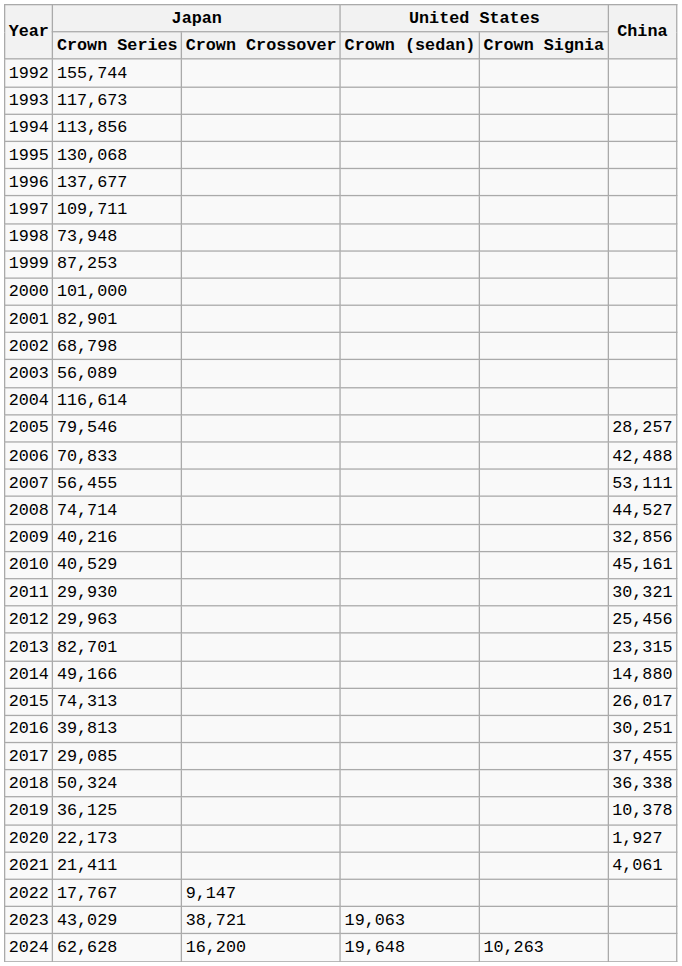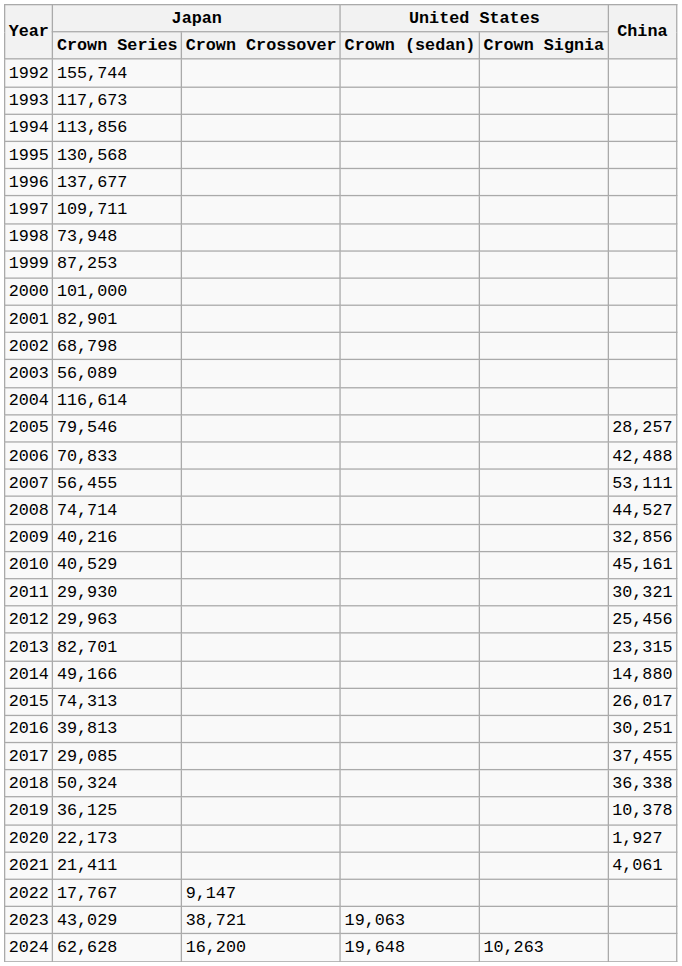 <table class="wikitable">
 <tr>
 <th rowspan="2">Year</th>
 <th colspan="2">Japan</th>
 <th colspan="2">United States</th>
 <th rowspan="2">China</th>
 </tr>
 <tr>
 <th>Crown Series</th>
 <th>Crown Crossover</th>
 <th>Crown (sedan)</th>
 <th>Crown Signia</th>
 </tr>
 <tr>
 <td>1992</td>
 <td>155,744</td>
 <td></td>
 <td></td>
 <td></td>
 <td></td>
 </tr>
 <tr>
 <td>1993</td>
 <td>117,673</td>
 <td></td>
 <td></td>
 <td></td>
 <td></td>
 </tr>
 <tr>
 <td>1994</td>
 <td>113,856</td>
 <td></td>
 <td></td>
 <td></td>
 <td></td>
 </tr>
 <tr>
 <td>1995</td>
-<td>130,068</td>
+<td>130,568</td>
 <td></td>
 <td></td>
 <td></td>
 <td></td>
 </tr>
 <tr>
 <td>1996</td>
 <td>137,677</td>
 <td></td>
 <td></td>
 <td></td>
 <td></td>
 </tr>
 <tr>
 <td>1997</td>
 <td>109,711</td>
 <td></td>
 <td></td>
 <td></td>
 <td></td>
 </tr>
 <tr>
 <td>1998</td>
 <td>73,948</td>
 <td></td>
 <td></td>
 <td></td>
 <td></td>
 </tr>
 <tr>
 <td>1999</td>
 <td>87,253</td>
 <td></td>
 <td></td>
 <td></td>
 <td></td>
 </tr>
 <tr>
 <td>2000</td>
 <td>101,000</td>
 <td></td>
 <td></td>
 <td></td>
 <td></td>
 </tr>
 <tr>
 <td>2001</td>
 <td>82,901</td>
 <td></td>
 <td></td>
 <td></td>
 <td></td>
 </tr>
 <tr>
 <td>2002</td>
 <td>68,798</td>
 <td></td>
 <td></td>
 <td></td>
 <td></td>
 </tr>
 <tr>
 <td>2003</td>
 <td>56,089</td>
 <td></td>
 <td></td>
 <td></td>
 <td></td>
 </tr>
 <tr>
 <td>2004</td>
 <td>116,614</td>
 <td></td>
 <td></td>
 <td></td>
 <td></td>
 </tr>
 <tr>
 <td>2005</td>
 <td>79,546</td>
 <td></td>
 <td></td>
 <td></td>
 <td>28,257</td>
 </tr>
 <tr>
 <td>2006</td>
 <td>70,833</td>
 <td></td>
 <td></td>
 <td></td>
 <td>42,488</td>
 </tr>
 <tr>
 <td>2007</td>
 <td>56,455</td>
 <td></td>
 <td></td>
 <td></td>
 <td>53,111</td>
 </tr>
 <tr>
 <td>2008</td>
 <td>74,714</td>
 <td></td>
 <td></td>
 <td></td>
 <td>44,527</td>
 </tr>
 <tr>
 <td>2009</td>
 <td>40,216</td>
 <td></td>
 <td></td>
 <td></td>
 <td>32,856</td>
 </tr>
 <tr>
 <td>2010</td>
 <td>40,529</td>
 <td></td>
 <td></td>
 <td></td>
 <td>45,161</td>
 </tr>
 <tr>
 <td>2011</td>
 <td>29,930</td>
 <td></td>
 <td></td>
 <td></td>
 <td>30,321</td>
 </tr>
 <tr>
 <td>2012</td>
 <td>29,963</td>
 <td></td>
 <td></td>
 <td></td>
 <td>25,456</td>
 </tr>
 <tr>
 <td>2013</td>
 <td>82,701</td>
 <td></td>
 <td></td>
 <td></td>
 <td>23,315</td>
 </tr>
 <tr>
 <td>2014</td>
 <td>49,166</td>
 <td></td>
 <td></td>
 <td></td>
 <td>14,880</td>
 </tr>
 <tr>
 <td>2015</td>
 <td>74,313</td>
 <td></td>
 <td></td>
 <td></td>
 <td>26,017</td>
 </tr>
 <tr>
 <td>2016</td>
 <td>39,813</td>
 <td></td>
 <td></td>
 <td></td>
 <td>30,251</td>
 </tr>
 <tr>
 <td>2017</td>
 <td>29,085</td>
 <td></td>
 <td></td>
 <td></td>
 <td>37,455</td>
 </tr>
 <tr>
 <td>2018</td>
 <td>50,324</td>
 <td></td>
 <td></td>
 <td></td>
 <td>36,338</td>
 </tr>
 <tr>
 <td>2019</td>
 <td>36,125</td>
 <td></td>
 <td></td>
 <td></td>
 <td>10,378</td>
 </tr>
 <tr>
 <td>2020</td>
 <td>22,173</td>
 <td></td>
 <td></td>
 <td></td>
 <td>1,927</td>
 </tr>
 <tr>
 <td>2021</td>
 <td>21,411</td>
 <td></td>
 <td></td>
 <td></td>
 <td>4,061</td>
 </tr>
 <tr>
 <td>2022</td>
 <td>17,767</td>
 <td>9,147</td>
 <td></td>
 <td></td>
 <td></td>
 </tr>
 <tr>
 <td>2023</td>
 <td>43,029</td>
 <td>38,721</td>
 <td>19,063</td>
 <td></td>
 <td></td>
 </tr>
 <tr>
 <td>2024</td>
 <td>62,628</td>
 <td>16,200</td>
 <td>19,648</td>
 <td>10,263</td>
 <td></td>
 </tr>
 </table>
